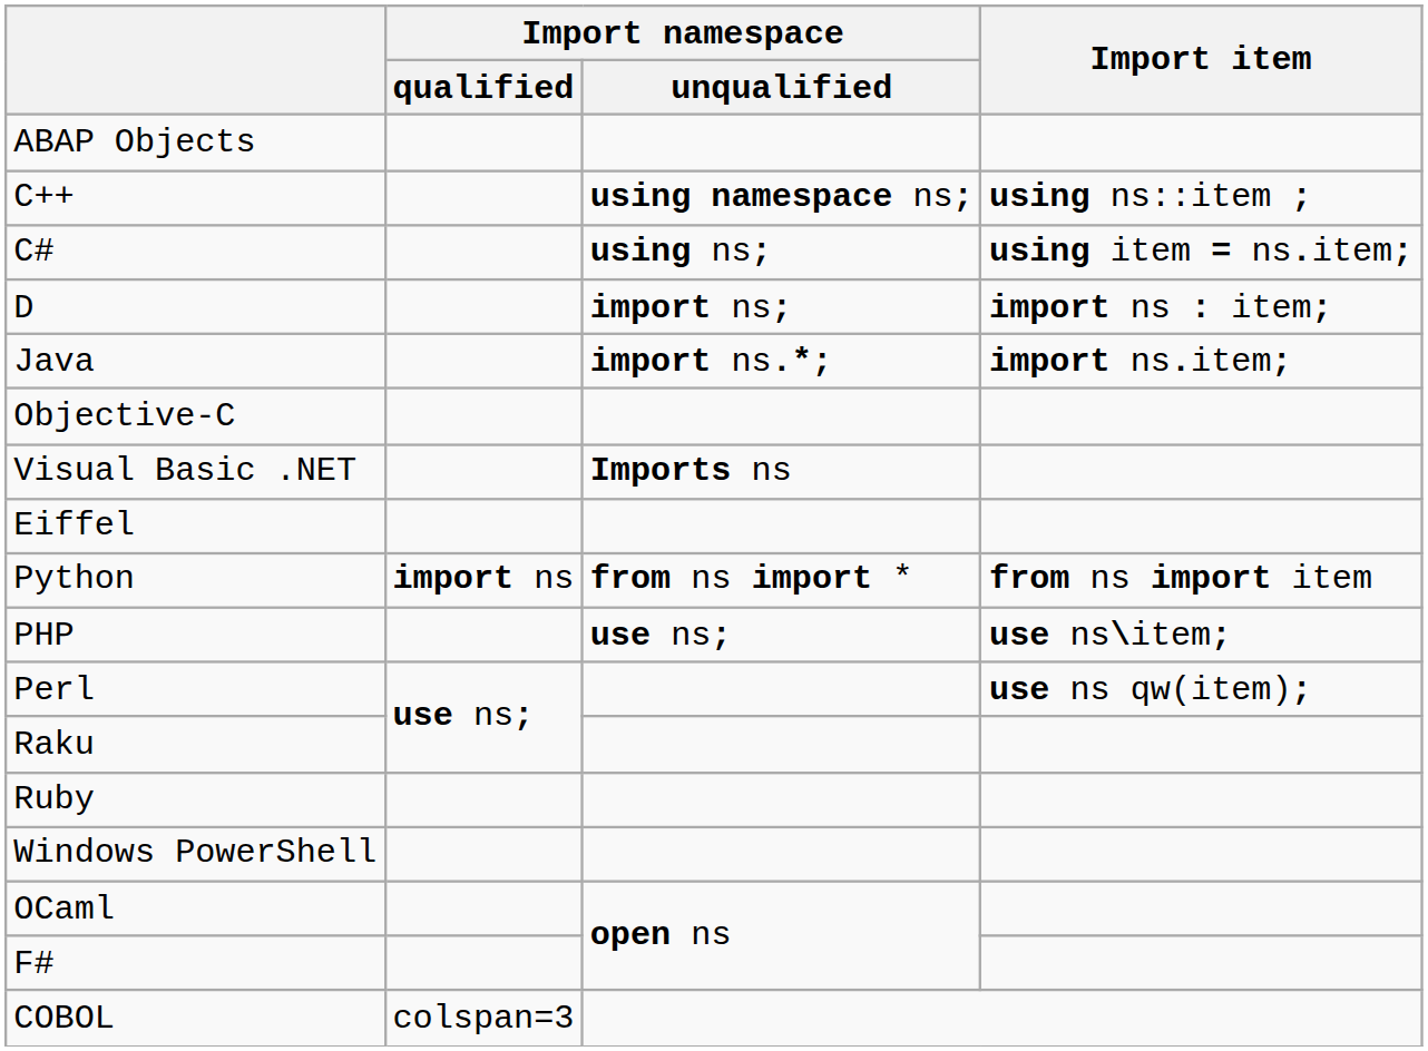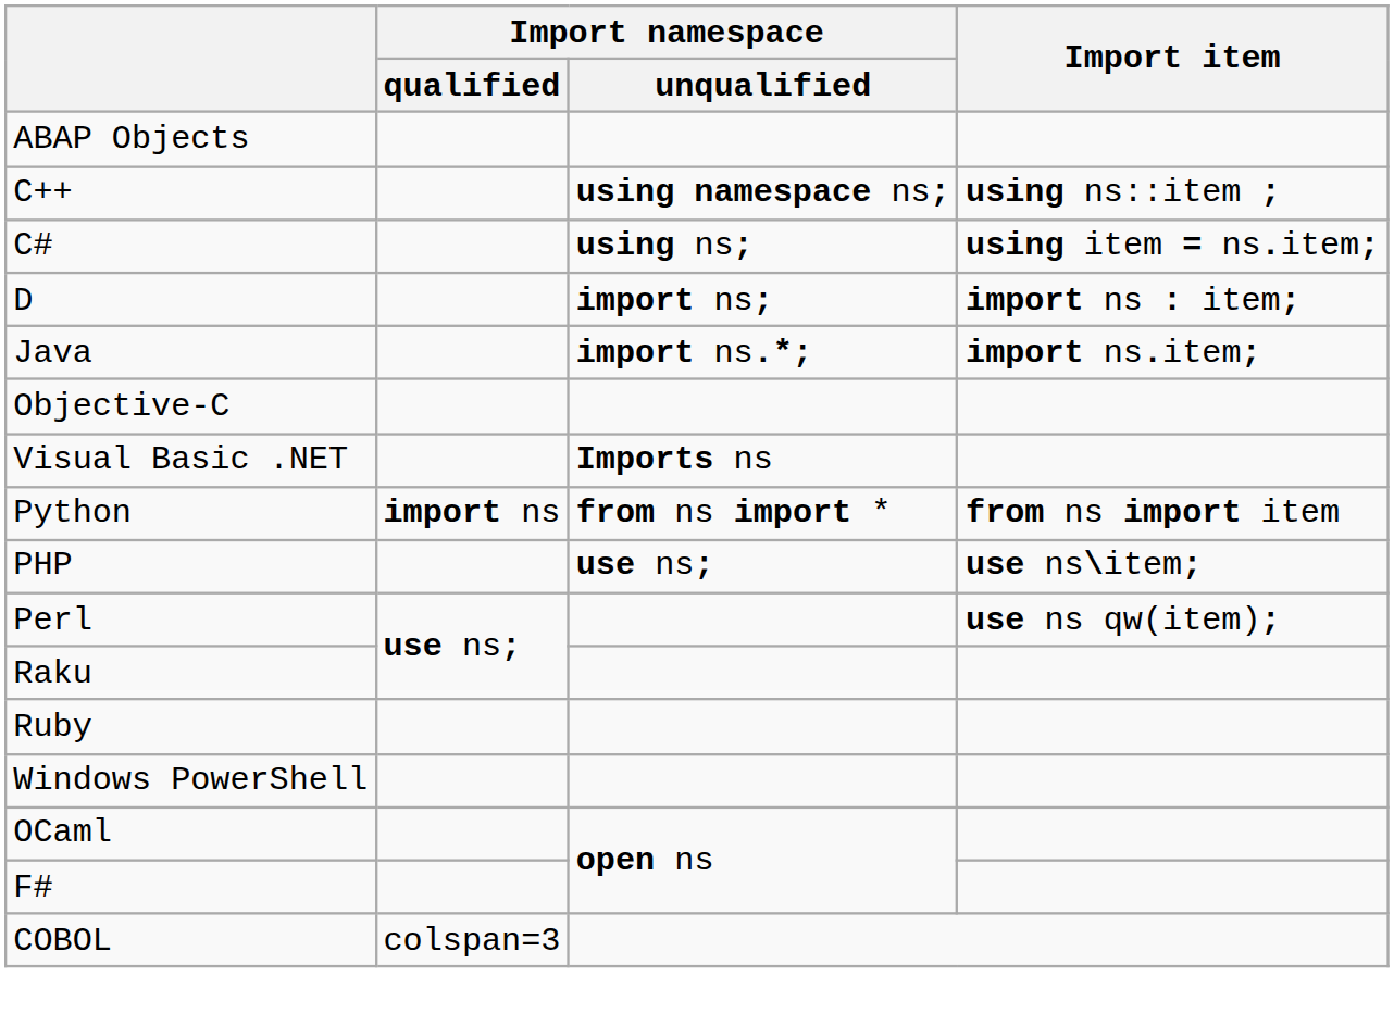 <table class="wikitable">
 <tr>
 <th rowspan=2></th>
 <th colspan=2>Import namespace</th>
 <th rowspan=2>Import item</th>
 </tr>
 <tr>
 <th>qualified</th>
 <th>unqualified</th>
 </tr>
 <tr>
 <td>ABAP Objects</td>
 <td></td>
 <td></td>
 <td></td>
 </tr>
 <tr>
 <td>C++</td>
 <td></td>
 <td><code><strong>using namespace</strong> ns<strong>;</strong></code></td>
 <td><code><strong>using</strong> ns::item <strong>;</strong></code></td>
 </tr>
 <tr>
 <td>C#</td>
 <td></td>
 <td><code><strong>using</strong> ns<strong>;</strong></code></td>
 <td><code><strong>using</strong> item <strong>=</strong> ns<strong>.</strong>item<strong>;</strong></code></td>
 </tr>
 <tr>
 <td>D</td>
 <td></td>
 <td><code><strong>import</strong> ns<strong>;</strong></code></td>
 <td><code><strong>import</strong> ns <strong>:</strong> item<strong>;</strong></code></td>
 </tr>
 <tr>
 <td>Java</td>
 <td></td>
 <td><code><strong>import</strong> ns<strong>.*;</strong></code></td>
 <td><code><strong>import</strong> ns<strong>.</strong>item<strong>;</strong></code></td>
 </tr>
 <tr>
 <td>Objective-C</td>
 <td></td>
 <td></td>
 <td></td>
 </tr>
 <tr>
 <td>Visual Basic .NET</td>
 <td></td>
 <td><code><strong>Imports</strong> ns</code></td>
 <td></td>
 </tr>
 <tr>
-<td>Eiffel</td>
-<td></td>
-<td></td>
-<td></td>
-</tr>
-<tr>
 <td>Python</td>
 <td><code><strong>import</strong> ns</code></td>
 <td><code><strong>from</strong> ns <strong>import</strong> *</code></td>
 <td><code><strong>from</strong> ns <strong>import</strong> item</code></td>
 </tr>
 <tr>
 <td>PHP</td>
 <td></td>
 <td><code><strong>use</strong> ns<strong>;</strong></code></td>
 <td><code><strong>use</strong> ns<strong>\</strong>item<strong>;</strong></code></td>
 </tr>
 <tr>
 <td>Perl</td>
 <td rowspan=2><code><strong>use</strong> ns<strong>;</strong></code></td>
 <td></td>
 <td><code><strong>use</strong> ns qw(item)<strong>;</strong></code></td>
 </tr>
 <tr>
 <td>Raku</td>
 <td></td>
 <td></td>
 </tr>
 <tr>
 <td>Ruby</td>
 <td></td>
 <td></td>
 <td></td>
 </tr>
 <tr>
 <td>Windows PowerShell</td>
 <td></td>
 <td></td>
 <td></td>
 </tr>
 <tr>
 <td>OCaml</td>
 <td></td>
 <td rowspan=2><code><strong>open</strong> ns</code></td>
 <td></td>
 </tr>
 <tr>
 <td>F#</td>
 <td></td>
 <td></td>
 </tr>
 <tr>
 <td>COBOL</td>
 <td>colspan=3 </td>
 </tr>
 </table>
